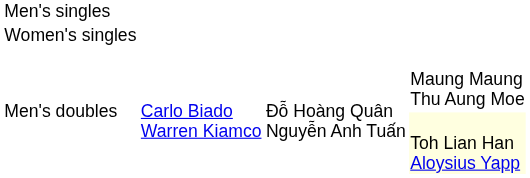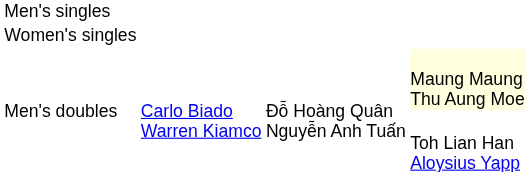 <table>
 <tr>
 <td rowspan=2>Men's singles</td>
 <td rowspan=2></td>
 <td rowspan=2></td>
 <td></td>
 </tr>
 <tr>
 <td></td>
 </tr>
 <tr>
 <td rowspan=2>Women's singles</td>
 <td rowspan=2></td>
 <td rowspan=2></td>
 <td></td>
 </tr>
 <tr>
 <td></td>
 </tr>
 <tr>
 <td rowspan=2>Men's doubles</td>
 <td rowspan=2><br><a href='#'>Carlo Biado</a><br><a href='#'>Warren Kiamco</a></td>
 <td rowspan=2><br>Đỗ Hoàng Quân<br>Nguyễn Anh Tuấn</td>
-<td><br>Maung Maung<br>Thu Aung Moe</td>
+<td style="background: lightyellow;"><br>Maung Maung<br>Thu Aung Moe</td>
 </tr>
 <tr>
-<td style="background: lightyellow;"><br>Toh Lian Han<br><a href='#'>Aloysius Yapp</a></td>
+<td><br>Toh Lian Han<br><a href='#'>Aloysius Yapp</a></td>
 </tr>
 </table>
